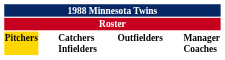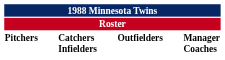 <table class="toccolours" style="font-size: 95%;">
 <tr>
 <th colspan="10" style="background-color: #072764; color: #FFFFFF; text-align: center;">1988 Minnesota Twins</th>
 </tr>
 <tr>
 <td colspan="10" style="background-color: #c6011f; color: white; text-align: center;"><strong>Roster</strong></td>
 </tr>
 <tr>
-<td valign="top" style="background: gold;"><strong>Pitchers</strong><br>                  </td>
+<td valign="top"><strong>Pitchers</strong><br>                  </td>
 <td width="25px"></td>
 <td valign="top"><strong>Catchers</strong><br>    <strong>Infielders</strong>         </td>
 <td width="25px"></td>
 <td valign="top"><strong>Outfielders</strong><br>        </td>
 <td width="25px"></td>
 <td valign="top"><strong>Manager</strong><br> <strong>Coaches</strong>     </td>
 </tr>
 <tr>
 </tr>
 </table>
